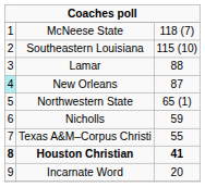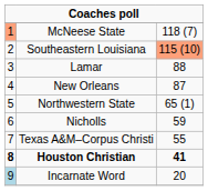 <table class="wikitable">
 <tr align="center">
 <td align="center" Colspan="3"><strong>Coaches poll</strong></td>
 </tr>
 <tr align="center">
 </tr>
 <tr align="center">
-<td>1</td>
+<td style="background: lightsalmon;">1</td>
 <td>McNeese State</td>
 <td>118 (7)</td>
 </tr>
 <tr align="center">
 <td>2</td>
 <td>Southeastern Louisiana</td>
-<td>115 (10)</td>
+<td style="background: lightsalmon;">115 (10)</td>
 </tr>
 <tr align="center">
 <td>3</td>
 <td>Lamar</td>
 <td>88</td>
 </tr>
 <tr align="center">
-<td style="background: paleturquoise;">4</td>
+<td>4</td>
 <td>New Orleans</td>
 <td>87</td>
 </tr>
 <tr align="center">
 <td>5</td>
 <td>Northwestern State</td>
 <td>65 (1)</td>
 </tr>
 <tr align="center">
 <td>6</td>
 <td>Nicholls</td>
 <td>59</td>
 </tr>
 <tr align="center">
 <td>7</td>
 <td>Texas A&M–Corpus Christi</td>
 <td>55</td>
 </tr>
 <tr align="center">
 <td><strong>8</strong></td>
 <td><strong>Houston Christian</strong></td>
 <td><strong>41</strong></td>
 </tr>
 <tr align="center">
-<td>9</td>
+<td style="background: lightblue;">9</td>
 <td>Incarnate Word</td>
 <td>20</td>
 </tr>
 <tr align="center">
 </tr>
 </table>
